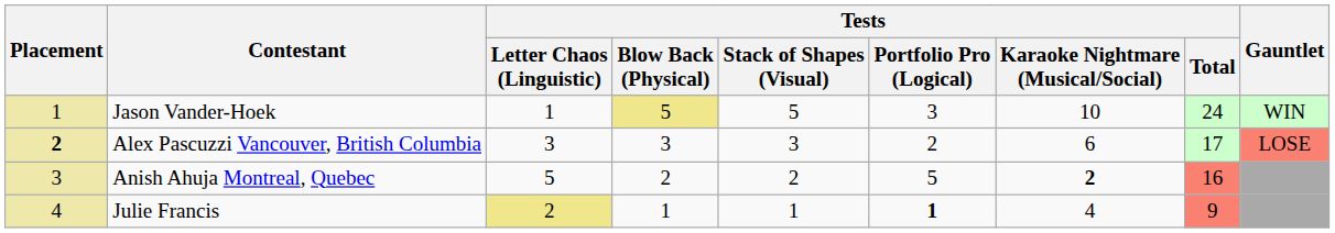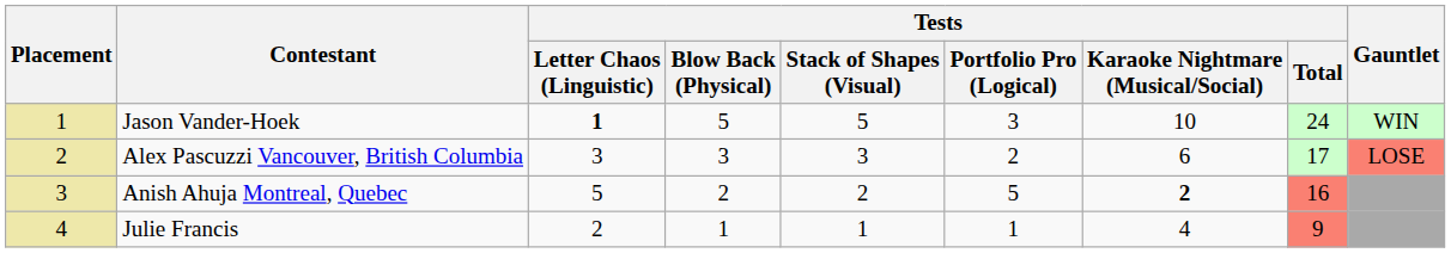 <table class="wikitable" style="text-align:center;">
 <tr>
 <th rowspan="2">Placement</th>
 <th rowspan="2">Contestant</th>
 <th colspan="6">Tests</th>
 <th rowspan="2">Gauntlet</th>
 </tr>
 <tr>
 <th>Letter Chaos<br>(Linguistic)</th>
 <th>Blow Back<br>(Physical)</th>
 <th>Stack of Shapes<br>(Visual)</th>
 <th>Portfolio Pro<br>(Logical)</th>
 <th>Karaoke Nightmare<br>(Musical/Social)</th>
 <th>Total</th>
 </tr>
 <tr>
 <td bgcolor="palegoldenrod">1</td>
 <td align="left">Jason Vander-Hoek</td>
-<td>1</td>
-<td style="background: khaki;">5</td>
+<td><strong>1</strong></td>
+<td>5</td>
 <td>5</td>
 <td>3</td>
 <td>10</td>
 <td bgcolor="#cfc">24</td>
 <td bgcolor="#cfc">WIN</td>
 </tr>
 <tr>
-<td bgcolor="palegoldenrod"><strong>2</strong></td>
+<td bgcolor="palegoldenrod">2</td>
 <td align="left">Alex Pascuzzi <a href='#'>Vancouver</a>, <a href='#'>British Columbia</a></td>
 <td>3</td>
 <td>3</td>
 <td>3</td>
 <td>2</td>
 <td>6</td>
 <td bgcolor="#cfc">17</td>
 <td bgcolor="salmon">LOSE</td>
 </tr>
 <tr>
 <td bgcolor="palegoldenrod">3</td>
 <td align="left">Anish Ahuja <a href='#'>Montreal</a>, <a href='#'>Quebec</a></td>
 <td>5</td>
 <td>2</td>
 <td>2</td>
 <td>5</td>
 <td><strong>2</strong></td>
 <td bgcolor="salmon">16</td>
 <td bgcolor="darkgrey"></td>
 </tr>
 <tr>
 <td bgcolor="palegoldenrod">4</td>
 <td align="left">Julie Francis</td>
-<td style="background: khaki;">2</td>
+<td>2</td>
 <td>1</td>
 <td>1</td>
-<td><strong>1</strong></td>
+<td>1</td>
 <td>4</td>
 <td bgcolor="salmon">9</td>
 <td bgcolor="darkgrey"></td>
 </tr>
 </table>
